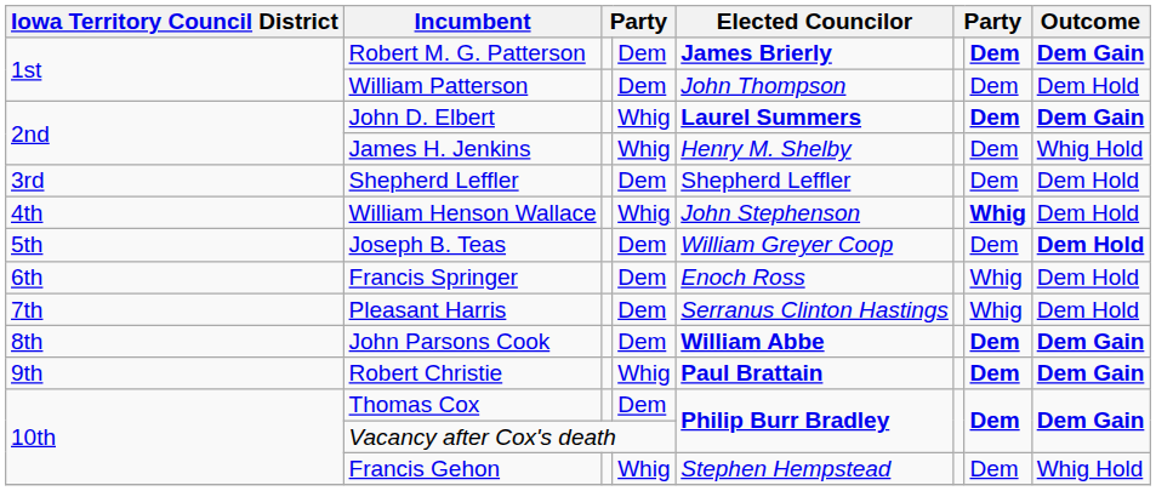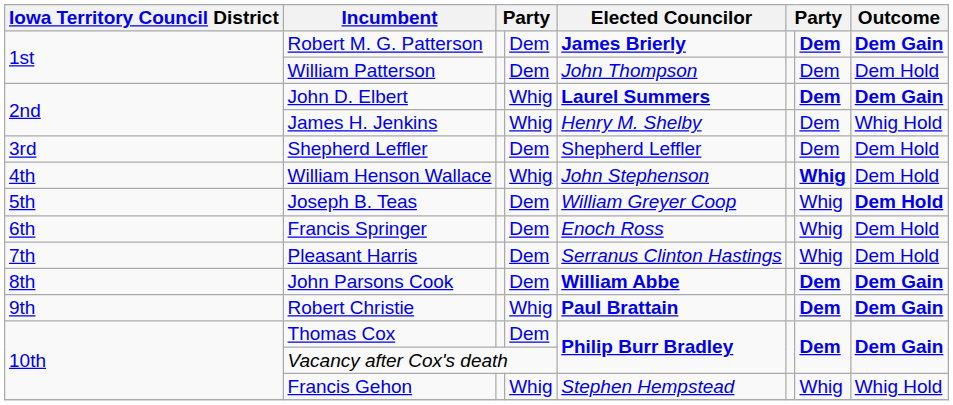 <table class="sortable wikitable" style="font-size:95%;line-height:14px;">
 <tr>
 <th class="sortable"><a href='#'>Iowa Territory Council</a> District</th>
 <th class="sortable"><a href='#'>Incumbent</a></th>
 <th colspan="2">Party</th>
 <th class="sortable">Elected Councilor</th>
 <th colspan="2">Party</th>
 <th class="sortable">Outcome</th>
 </tr>
 <tr>
 <td rowspan="2"><a href='#'>1st</a></td>
 <td><a href='#'>Robert M. G. Patterson</a></td>
 <td style="background:"></td>
 <td><a href='#'>Dem</a></td>
 <td><strong><a href='#'>James Brierly</a></strong></td>
 <td style="background:"></td>
 <td><strong><a href='#'>Dem</a></strong></td>
 <td><strong><a href='#'>Dem Gain</a></strong></td>
 </tr>
 <tr>
 <td><a href='#'>William Patterson</a></td>
 <td style="background:"></td>
 <td><a href='#'>Dem</a></td>
 <td><em><a href='#'>John Thompson</a></em></td>
 <td style="background:"></td>
 <td><a href='#'>Dem</a></td>
 <td><a href='#'>Dem Hold</a></td>
 </tr>
 <tr>
 <td rowspan="2"><a href='#'>2nd</a></td>
 <td><a href='#'>John D. Elbert</a></td>
 <td style="background:"></td>
 <td><a href='#'>Whig</a></td>
 <td><strong><a href='#'>Laurel Summers</a></strong></td>
 <td style="background:"></td>
 <td><strong><a href='#'>Dem</a></strong></td>
 <td><strong><a href='#'>Dem Gain</a></strong></td>
 </tr>
 <tr>
 <td><a href='#'>James H. Jenkins</a></td>
 <td style="background:"></td>
 <td><a href='#'>Whig</a></td>
 <td><em><a href='#'>Henry M. Shelby</a></em></td>
 <td style="background:"></td>
 <td><a href='#'>Dem</a></td>
 <td><a href='#'>Whig Hold</a></td>
 </tr>
 <tr>
 <td><a href='#'>3rd</a></td>
 <td><a href='#'>Shepherd Leffler</a></td>
 <td style="background:"></td>
 <td><a href='#'>Dem</a></td>
 <td><a href='#'>Shepherd Leffler</a></td>
 <td style="background:"></td>
 <td><a href='#'>Dem</a></td>
 <td><a href='#'>Dem Hold</a></td>
 </tr>
 <tr>
 <td><a href='#'>4th</a></td>
 <td><a href='#'>William Henson Wallace</a></td>
 <td style="background:"></td>
 <td><a href='#'>Whig</a></td>
 <td><em><a href='#'>John Stephenson</a></em></td>
 <td style="background:"></td>
 <td><strong><a href='#'>Whig</a></strong></td>
 <td><a href='#'>Dem Hold</a></td>
 </tr>
 <tr>
 <td><a href='#'>5th</a></td>
 <td><a href='#'>Joseph B. Teas</a></td>
 <td style="background:"></td>
 <td><a href='#'>Dem</a></td>
 <td><em><a href='#'>William Greyer Coop</a></em></td>
 <td style="background:"></td>
-<td><a href='#'>Dem</a></td>
+<td><a href='#'>Whig</a></td>
 <td><strong><a href='#'>Dem Hold</a></strong></td>
 </tr>
 <tr>
 <td><a href='#'>6th</a></td>
 <td><a href='#'>Francis Springer</a></td>
 <td style="background:"></td>
 <td><a href='#'>Dem</a></td>
 <td><em><a href='#'>Enoch Ross</a></em></td>
 <td style="background:"></td>
 <td><a href='#'>Whig</a></td>
 <td><a href='#'>Dem Hold</a></td>
 </tr>
 <tr>
 <td><a href='#'>7th</a></td>
 <td><a href='#'>Pleasant Harris</a></td>
 <td style="background:"></td>
 <td><a href='#'>Dem</a></td>
 <td><em><a href='#'>Serranus Clinton Hastings</a></em></td>
 <td style="background:"></td>
 <td><a href='#'>Whig</a></td>
 <td><a href='#'>Dem Hold</a></td>
 </tr>
 <tr>
 <td><a href='#'>8th</a></td>
 <td><a href='#'>John Parsons Cook</a></td>
 <td style="background:"></td>
 <td><a href='#'>Dem</a></td>
 <td><strong><a href='#'>William Abbe</a></strong></td>
 <td style="background:"></td>
 <td><strong><a href='#'>Dem</a></strong></td>
 <td><strong><a href='#'>Dem Gain</a></strong></td>
 </tr>
 <tr>
 <td><a href='#'>9th</a></td>
 <td><a href='#'>Robert Christie</a></td>
 <td style="background:"></td>
 <td><a href='#'>Whig</a></td>
 <td><strong><a href='#'>Paul Brattain</a></strong></td>
 <td style="background:"></td>
 <td><strong><a href='#'>Dem</a></strong></td>
 <td><strong><a href='#'>Dem Gain</a></strong></td>
 </tr>
 <tr>
 <td rowspan="3"><a href='#'>10th</a></td>
 <td><a href='#'>Thomas Cox</a></td>
 <td style="background:"></td>
 <td><a href='#'>Dem</a></td>
 <td rowspan="2"><strong><a href='#'>Philip Burr Bradley</a></strong></td>
 <td rowspan="2" style="background:"></td>
 <td rowspan="2"><strong><a href='#'>Dem</a></strong></td>
 <td rowspan="2" ><strong><a href='#'>Dem Gain</a></strong></td>
 </tr>
 <tr>
 <td colspan="3" ><em>Vacancy after Cox's death</em></td>
 </tr>
 <tr>
 <td><a href='#'>Francis Gehon</a></td>
 <td style="background:"></td>
 <td><a href='#'>Whig</a></td>
 <td><em><a href='#'>Stephen Hempstead</a></em></td>
 <td style="background:"></td>
-<td><a href='#'>Dem</a></td>
+<td><a href='#'>Whig</a></td>
 <td><a href='#'>Whig Hold</a></td>
 </tr>
 <tr>
 </tr>
 </table>
